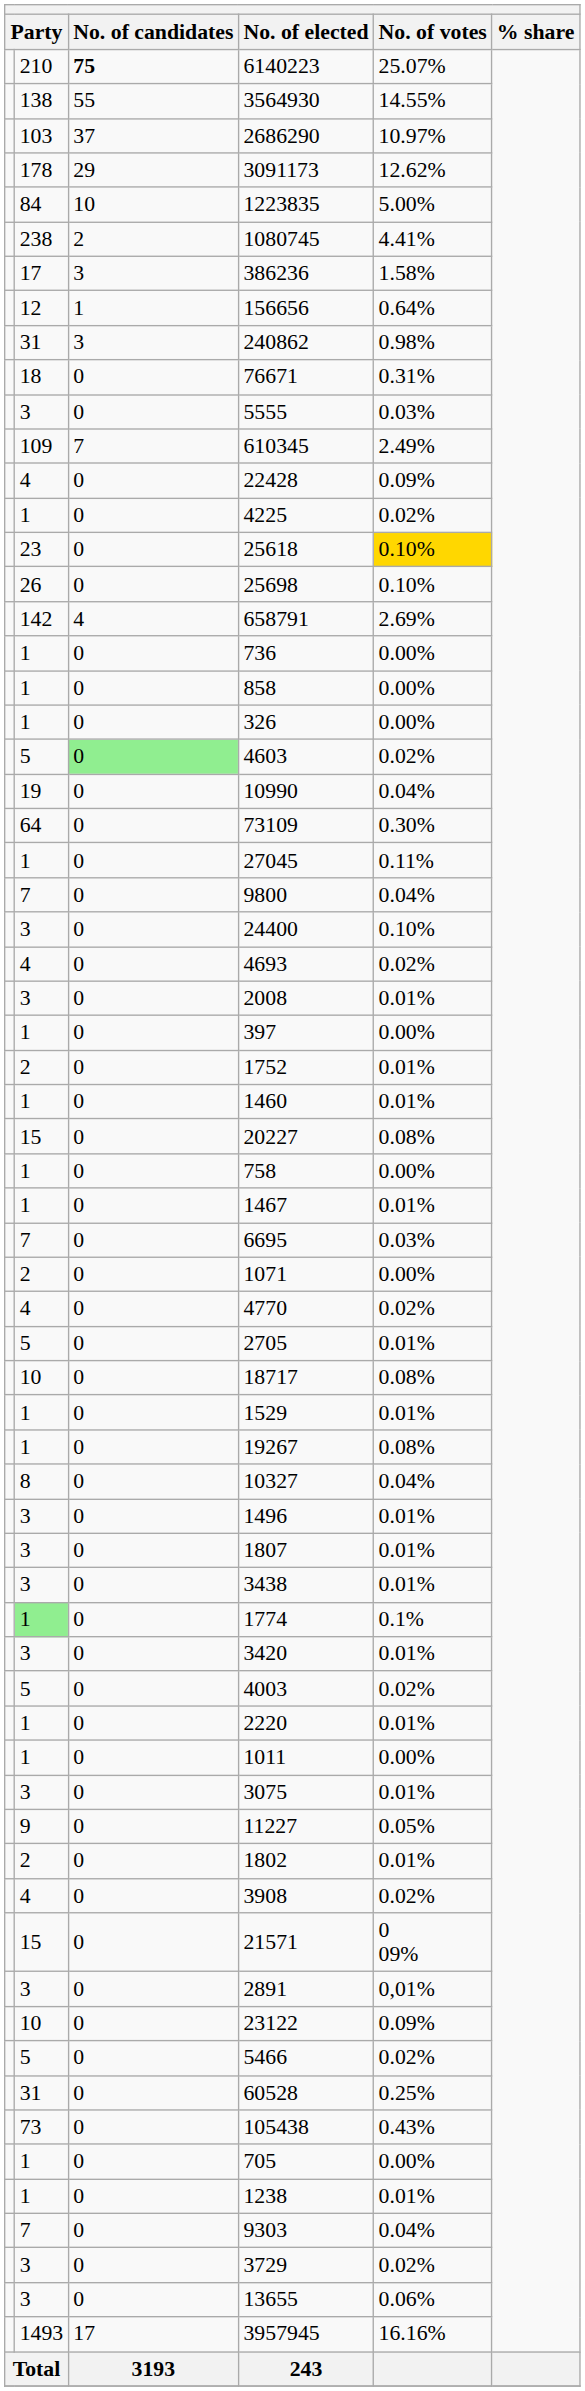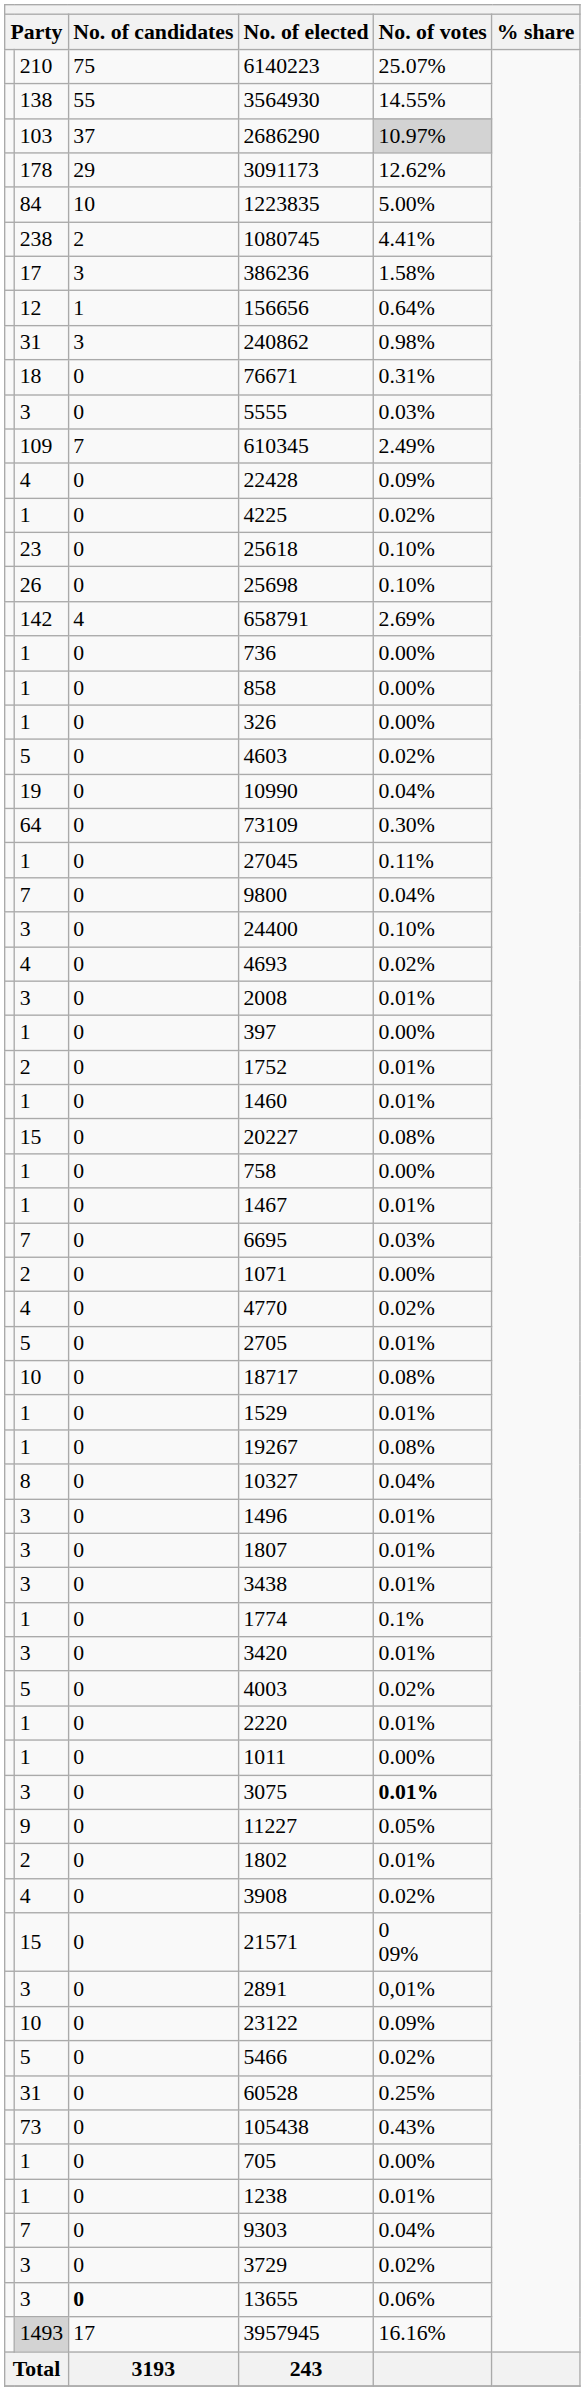 <table class="wikitable sortable">
 <tr>
 <th colspan=10></th>
 </tr>
 <tr bgcolor="efefef">
 <th colspan=2>Party</th>
 <th>No. of candidates</th>
 <th>No. of elected</th>
 <th>No. of votes</th>
 <th>% share</th>
 </tr>
 <tr>
 <td></td>
 <td>210</td>
-<td><strong>75</strong></td>
+<td>75</td>
 <td>6140223</td>
 <td>25.07%</td>
 </tr>
 <tr>
 <td></td>
 <td>138</td>
 <td>55</td>
 <td>3564930</td>
 <td>14.55%</td>
 </tr>
 <tr>
 <td></td>
 <td>103</td>
 <td>37</td>
 <td>2686290</td>
-<td>10.97%</td>
+<td style="background: lightgrey;">10.97%</td>
 </tr>
 <tr>
 <td></td>
 <td>178</td>
 <td>29</td>
 <td>3091173</td>
 <td>12.62%</td>
 </tr>
 <tr>
 <td></td>
 <td>84</td>
 <td>10</td>
 <td>1223835</td>
 <td>5.00%</td>
 </tr>
 <tr>
 <td></td>
 <td>238</td>
 <td>2</td>
 <td>1080745</td>
 <td>4.41%</td>
 </tr>
 <tr>
 <td></td>
 <td>17</td>
 <td>3</td>
 <td>386236</td>
 <td>1.58%</td>
 </tr>
 <tr>
 <td></td>
 <td>12</td>
 <td>1</td>
 <td>156656</td>
 <td>0.64%</td>
 </tr>
 <tr>
 <td></td>
 <td>31</td>
 <td>3</td>
 <td>240862</td>
 <td>0.98%</td>
 </tr>
 <tr>
 <td></td>
 <td>18</td>
 <td>0</td>
 <td>76671</td>
 <td>0.31%</td>
 </tr>
 <tr>
 <td></td>
 <td>3</td>
 <td>0</td>
 <td>5555</td>
 <td>0.03%</td>
 </tr>
 <tr>
 <td></td>
 <td>109</td>
 <td>7</td>
 <td>610345</td>
 <td>2.49%</td>
 </tr>
 <tr>
 <td></td>
 <td>4</td>
 <td>0</td>
 <td>22428</td>
 <td>0.09%</td>
 </tr>
 <tr>
 <td></td>
 <td>1</td>
 <td>0</td>
 <td>4225</td>
 <td>0.02%</td>
 </tr>
 <tr>
 <td></td>
 <td>23</td>
 <td>0</td>
 <td>25618</td>
-<td style="background: gold;">0.10%</td>
+<td>0.10%</td>
 </tr>
 <tr>
 <td></td>
 <td>26</td>
 <td>0</td>
 <td>25698</td>
 <td>0.10%</td>
 </tr>
 <tr>
 <td></td>
 <td>142</td>
 <td>4</td>
 <td>658791</td>
 <td>2.69%</td>
 </tr>
 <tr>
 <td></td>
 <td>1</td>
 <td>0</td>
 <td>736</td>
 <td>0.00%</td>
 </tr>
 <tr>
 <td></td>
 <td>1</td>
 <td>0</td>
 <td>858</td>
 <td>0.00%</td>
 </tr>
 <tr>
 <td></td>
 <td>1</td>
 <td>0</td>
 <td>326</td>
 <td>0.00%</td>
 </tr>
 <tr>
 <td></td>
 <td>5</td>
-<td style="background: lightgreen;">0</td>
+<td>0</td>
 <td>4603</td>
 <td>0.02%</td>
 </tr>
 <tr>
 <td></td>
 <td>19</td>
 <td>0</td>
 <td>10990</td>
 <td>0.04%</td>
 </tr>
 <tr>
 <td></td>
 <td>64</td>
 <td>0</td>
 <td>73109</td>
 <td>0.30%</td>
 </tr>
 <tr>
 <td></td>
 <td>1</td>
 <td>0</td>
 <td>27045</td>
 <td>0.11%</td>
 </tr>
 <tr>
 <td></td>
 <td>7</td>
 <td>0</td>
 <td>9800</td>
 <td>0.04%</td>
 </tr>
 <tr>
 <td></td>
 <td>3</td>
 <td>0</td>
 <td>24400</td>
 <td>0.10%</td>
 </tr>
 <tr>
 <td></td>
 <td>4</td>
 <td>0</td>
 <td>4693</td>
 <td>0.02%</td>
 </tr>
 <tr>
 <td></td>
 <td>3</td>
 <td>0</td>
 <td>2008</td>
 <td>0.01%</td>
 </tr>
 <tr>
 <td></td>
 <td>1</td>
 <td>0</td>
 <td>397</td>
 <td>0.00%</td>
 </tr>
 <tr>
 <td></td>
 <td>2</td>
 <td>0</td>
 <td>1752</td>
 <td>0.01%</td>
 </tr>
 <tr>
 <td></td>
 <td>1</td>
 <td>0</td>
 <td>1460</td>
 <td>0.01%</td>
 </tr>
 <tr>
 <td></td>
 <td>15</td>
 <td>0</td>
 <td>20227</td>
 <td>0.08%</td>
 </tr>
 <tr>
 <td></td>
 <td>1</td>
 <td>0</td>
 <td>758</td>
 <td>0.00%</td>
 </tr>
 <tr>
 <td></td>
 <td>1</td>
 <td>0</td>
 <td>1467</td>
 <td>0.01%</td>
 </tr>
 <tr>
 <td></td>
 <td>7</td>
 <td>0</td>
 <td>6695</td>
 <td>0.03%</td>
 </tr>
 <tr>
 <td></td>
 <td>2</td>
 <td>0</td>
 <td>1071</td>
 <td>0.00%</td>
 </tr>
 <tr>
 <td></td>
 <td>4</td>
 <td>0</td>
 <td>4770</td>
 <td>0.02%</td>
 </tr>
 <tr>
 <td></td>
 <td>5</td>
 <td>0</td>
 <td>2705</td>
 <td>0.01%</td>
 </tr>
 <tr>
 <td></td>
 <td>10</td>
 <td>0</td>
 <td>18717</td>
 <td>0.08%</td>
 </tr>
 <tr>
 <td></td>
 <td>1</td>
 <td>0</td>
 <td>1529</td>
 <td>0.01%</td>
 </tr>
 <tr>
 <td></td>
 <td>1</td>
 <td>0</td>
 <td>19267</td>
 <td>0.08%</td>
 </tr>
 <tr>
 <td></td>
 <td>8</td>
 <td>0</td>
 <td>10327</td>
 <td>0.04%</td>
 </tr>
 <tr>
 <td></td>
 <td>3</td>
 <td>0</td>
 <td>1496</td>
 <td>0.01%</td>
 </tr>
 <tr>
 <td></td>
 <td>3</td>
 <td>0</td>
 <td>1807</td>
 <td>0.01%</td>
 </tr>
 <tr>
 <td></td>
 <td>3</td>
 <td>0</td>
 <td>3438</td>
 <td>0.01%</td>
 </tr>
 <tr>
 <td></td>
-<td style="background: lightgreen;">1</td>
+<td>1</td>
 <td>0</td>
 <td>1774</td>
 <td>0.1%</td>
 </tr>
 <tr>
 <td></td>
 <td>3</td>
 <td>0</td>
 <td>3420</td>
 <td>0.01%</td>
 </tr>
 <tr>
 <td></td>
 <td>5</td>
 <td>0</td>
 <td>4003</td>
 <td>0.02%</td>
 </tr>
 <tr>
 <td></td>
 <td>1</td>
 <td>0</td>
 <td>2220</td>
 <td>0.01%</td>
 </tr>
 <tr>
 <td></td>
 <td>1</td>
 <td>0</td>
 <td>1011</td>
 <td>0.00%</td>
 </tr>
 <tr>
 <td></td>
 <td>3</td>
 <td>0</td>
 <td>3075</td>
-<td>0.01%</td>
+<td><strong>0.01%</strong></td>
 </tr>
 <tr>
 <td></td>
 <td>9</td>
 <td>0</td>
 <td>11227</td>
 <td>0.05%</td>
 </tr>
 <tr>
 <td></td>
 <td>2</td>
 <td>0</td>
 <td>1802</td>
 <td>0.01%</td>
 </tr>
 <tr>
 <td></td>
 <td>4</td>
 <td>0</td>
 <td>3908</td>
 <td>0.02%</td>
 </tr>
 <tr>
 <td></td>
 <td>15</td>
 <td>0</td>
 <td>21571</td>
 <td>0<br>09%</td>
 </tr>
 <tr>
 <td></td>
 <td>3</td>
 <td>0</td>
 <td>2891</td>
 <td>0,01%</td>
 </tr>
 <tr>
 <td></td>
 <td>10</td>
 <td>0</td>
 <td>23122</td>
 <td>0.09%</td>
 </tr>
 <tr>
 <td></td>
 <td>5</td>
 <td>0</td>
 <td>5466</td>
 <td>0.02%</td>
 </tr>
 <tr>
 <td></td>
 <td>31</td>
 <td>0</td>
 <td>60528</td>
 <td>0.25%</td>
 </tr>
 <tr>
 <td></td>
 <td>73</td>
 <td>0</td>
 <td>105438</td>
 <td>0.43%</td>
 </tr>
 <tr>
 <td></td>
 <td>1</td>
 <td>0</td>
 <td>705</td>
 <td>0.00%</td>
 </tr>
 <tr>
 <td></td>
 <td>1</td>
 <td>0</td>
 <td>1238</td>
 <td>0.01%</td>
 </tr>
 <tr>
 <td></td>
 <td>7</td>
 <td>0</td>
 <td>9303</td>
 <td>0.04%</td>
 </tr>
 <tr>
 <td></td>
 <td>3</td>
 <td>0</td>
 <td>3729</td>
 <td>0.02%</td>
 </tr>
 <tr>
 <td></td>
 <td>3</td>
-<td>0</td>
+<td><strong>0</strong></td>
 <td>13655</td>
 <td>0.06%</td>
 </tr>
 <tr>
 <td></td>
-<td>1493</td>
+<td style="background: lightgrey;">1493</td>
 <td>17</td>
 <td>3957945</td>
 <td>16.16%</td>
 </tr>
 <tr>
 <th colspan=2>Total</th>
 <th>3193</th>
 <th>243</th>
 <th></th>
 <th></th>
 </tr>
 <tr>
 </tr>
 </table>
